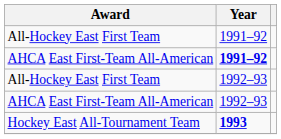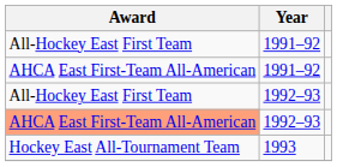 <table class="wikitable">
 <tr>
 <th>Award</th>
 <th>Year</th>
 <th></th>
 </tr>
 <tr>
 <td>All-<a href='#'>Hockey East</a> <a href='#'>First Team</a></td>
 <td><a href='#'>1991–92</a></td>
 <td></td>
 </tr>
 <tr>
 <td><a href='#'>AHCA</a> <a href='#'>East First-Team All-American</a></td>
-<td><strong><a href='#'>1991–92</a></strong></td>
+<td><a href='#'>1991–92</a></td>
 <td></td>
 </tr>
 <tr>
 <td>All-<a href='#'>Hockey East</a> <a href='#'>First Team</a></td>
 <td><a href='#'>1992–93</a></td>
 <td></td>
 </tr>
 <tr>
-<td><a href='#'>AHCA</a> <a href='#'>East First-Team All-American</a></td>
+<td style="background: lightsalmon;"><a href='#'>AHCA</a> <a href='#'>East First-Team All-American</a></td>
 <td><a href='#'>1992–93</a></td>
 <td></td>
 </tr>
 <tr>
 <td><a href='#'>Hockey East</a> <a href='#'>All-Tournament Team</a></td>
-<td><strong><a href='#'>1993</a></strong></td>
+<td><a href='#'>1993</a></td>
 <td></td>
 </tr>
 <tr>
 </tr>
 </table>
